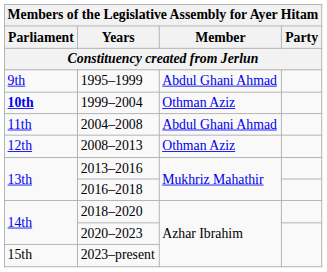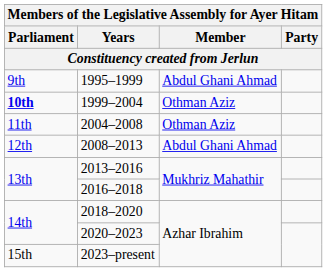 <table class="wikitable">
 <tr>
 <th colspan="4">Members of the Legislative Assembly for Ayer Hitam</th>
 </tr>
 <tr>
 <th>Parliament</th>
 <th>Years</th>
 <th>Member</th>
 <th>Party</th>
 </tr>
 <tr>
 <th colspan="4"><em>Constituency created from Jerlun</em></th>
 </tr>
 <tr>
 <td><a href='#'>9th</a></td>
 <td>1995–1999</td>
 <td><a href='#'>Abdul Ghani Ahmad</a></td>
 <td></td>
 </tr>
 <tr>
 <td><strong><a href='#'>10th</a></strong></td>
 <td>1999–2004</td>
 <td><a href='#'>Othman Aziz</a></td>
 <td></td>
 </tr>
 <tr>
 <td><a href='#'>11th</a></td>
 <td>2004–2008</td>
-<td><a href='#'>Abdul Ghani Ahmad</a></td>
+<td><a href='#'>Othman Aziz</a></td>
 <td></td>
 </tr>
 <tr>
 <td><a href='#'>12th</a></td>
 <td>2008–2013</td>
-<td><a href='#'>Othman Aziz</a></td>
+<td><a href='#'>Abdul Ghani Ahmad</a></td>
 <td></td>
 </tr>
 <tr>
 <td rowspan="2"><a href='#'>13th</a></td>
 <td>2013–2016</td>
 <td rowspan=2><a href='#'>Mukhriz Mahathir</a></td>
 <td></td>
 </tr>
 <tr>
 <td>2016–2018</td>
 <td></td>
 </tr>
 <tr>
 <td rowspan="2"><a href='#'>14th</a></td>
 <td>2018–2020</td>
 <td rowspan=3>Azhar Ibrahim</td>
 <td></td>
 </tr>
 <tr>
 <td>2020–2023</td>
 <td rowspan=2></td>
 </tr>
 <tr>
 <td>15th</td>
 <td>2023–present</td>
 </tr>
 </table>
